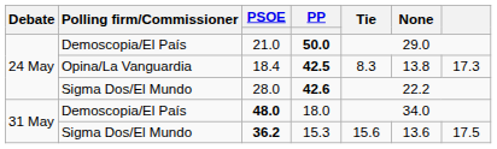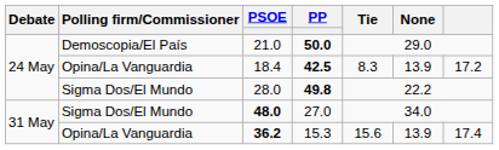 <table class="wikitable" style="font-size:90%; text-align:center;">
 <tr>
 <th rowspan="2">Debate</th>
 <th rowspan="2">Polling firm/Commissioner</th>
 <th style="width:45px;"><a href='#'>PSOE</a></th>
 <th style="width:45px;"><a href='#'>PP</a></th>
 <th style="width:45px;" rowspan="2">Tie</th>
 <th style="width:45px;" rowspan="2">None</th>
 <th style="width:45px;" rowspan="2"></th>
 </tr>
 <tr>
 <th style="color:inherit;background:"></th>
 <th style="color:inherit;background:"></th>
 </tr>
 <tr>
 <td rowspan="3" align="left">24 May</td>
 <td align="left">Demoscopia/El País</td>
 <td>21.0</td>
 <td><strong>50.0</strong></td>
 <td colspan="3">29.0</td>
 </tr>
 <tr>
 <td align="left">Opina/La Vanguardia</td>
 <td>18.4</td>
 <td><strong>42.5</strong></td>
 <td>8.3</td>
-<td>13.8</td>
-<td>17.3</td>
+<td>13.9</td>
+<td>17.2</td>
 </tr>
 <tr>
 <td align="left">Sigma Dos/El Mundo</td>
 <td>28.0</td>
-<td><strong>42.6</strong></td>
+<td><strong>49.8</strong></td>
 <td colspan="3">22.2</td>
 </tr>
 <tr>
 <td rowspan="2" align="left">31 May</td>
-<td align="left">Demoscopia/El País</td>
+<td align="left">Sigma Dos/El Mundo</td>
 <td><strong>48.0</strong></td>
-<td>18.0</td>
+<td>27.0</td>
 <td colspan="3">34.0</td>
 </tr>
 <tr>
-<td align="left">Sigma Dos/El Mundo</td>
+<td align="left">Opina/La Vanguardia</td>
 <td><strong>36.2</strong></td>
 <td>15.3</td>
 <td>15.6</td>
-<td>13.6</td>
-<td>17.5</td>
+<td>13.9</td>
+<td>17.4</td>
 </tr>
 </table>
